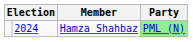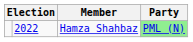 <table class="wikitable">
 <tr>
 <th colspan="2">Election</th>
 <th>Member</th>
 <th>Party</th>
 </tr>
 <tr>
 <td style="background-color: "></td>
-<td><a href='#'>2024</a></td>
+<td><a href='#'>2022</a></td>
 <td><a href='#'>Hamza Shahbaz</a></td>
 <td style="background: lightgreen;"><a href='#'>PML (N)</a></td>
 </tr>
 </table>
